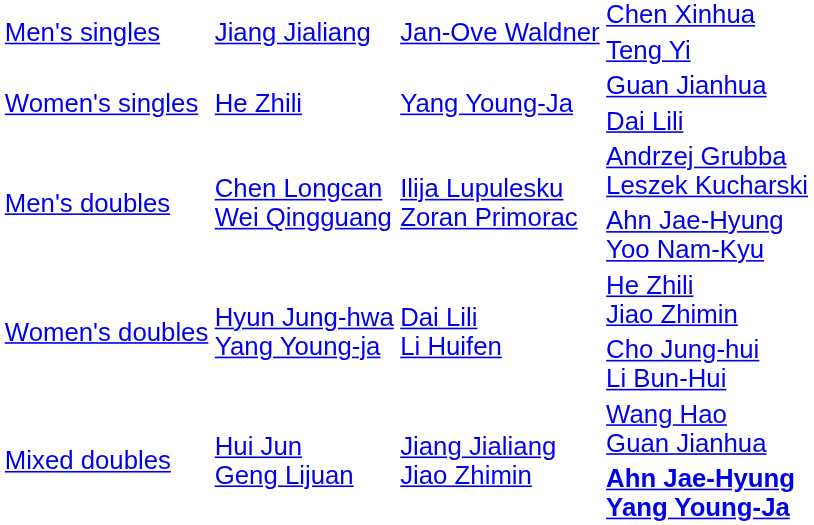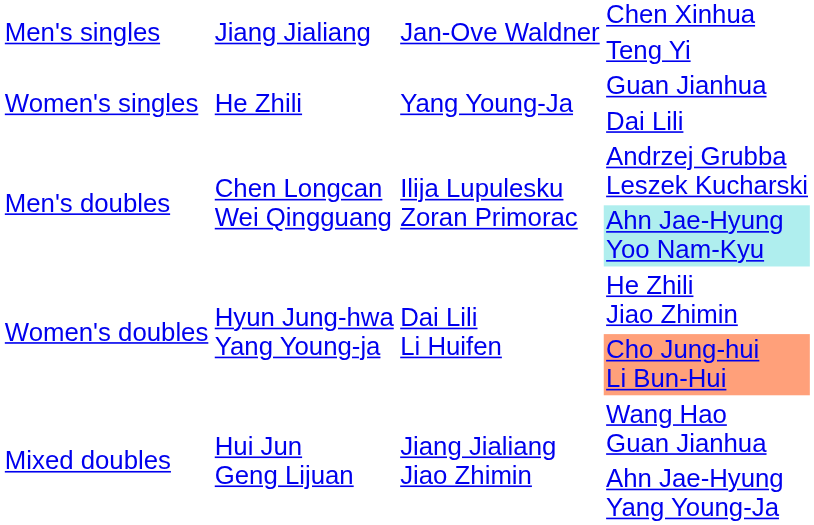 <table>
 <tr>
 <td rowspan=2><a href='#'>Men's singles</a></td>
 <td rowspan=2> <a href='#'>Jiang Jialiang</a></td>
 <td rowspan=2> <a href='#'>Jan-Ove Waldner</a></td>
 <td> <a href='#'>Chen Xinhua</a></td>
 </tr>
 <tr>
 <td> <a href='#'>Teng Yi</a></td>
 </tr>
 <tr>
 <td rowspan=2><a href='#'>Women's singles</a></td>
 <td rowspan=2> <a href='#'>He Zhili</a></td>
 <td rowspan=2> <a href='#'>Yang Young-Ja</a></td>
 <td> <a href='#'>Guan Jianhua</a></td>
 </tr>
 <tr>
 <td> <a href='#'>Dai Lili</a></td>
 </tr>
 <tr>
 <td rowspan=2><a href='#'>Men's doubles</a></td>
 <td rowspan=2> <a href='#'>Chen Longcan</a><br> <a href='#'>Wei Qingguang</a></td>
 <td rowspan=2> <a href='#'>Ilija Lupulesku</a><br> <a href='#'>Zoran Primorac</a></td>
 <td> <a href='#'>Andrzej Grubba</a><br> <a href='#'>Leszek Kucharski</a></td>
 </tr>
 <tr>
-<td> <a href='#'>Ahn Jae-Hyung</a><br> <a href='#'>Yoo Nam-Kyu</a></td>
+<td style="background: paleturquoise;"> <a href='#'>Ahn Jae-Hyung</a><br> <a href='#'>Yoo Nam-Kyu</a></td>
 </tr>
 <tr>
 <td rowspan=2><a href='#'>Women's doubles</a></td>
 <td rowspan=2> <a href='#'>Hyun Jung-hwa</a><br> <a href='#'>Yang Young-ja</a></td>
 <td rowspan=2> <a href='#'>Dai Lili</a><br> <a href='#'>Li Huifen</a></td>
 <td> <a href='#'>He Zhili</a><br> <a href='#'>Jiao Zhimin</a></td>
 </tr>
 <tr>
-<td> <a href='#'>Cho Jung-hui</a><br> <a href='#'>Li Bun-Hui</a></td>
+<td style="background: lightsalmon;"> <a href='#'>Cho Jung-hui</a><br> <a href='#'>Li Bun-Hui</a></td>
 </tr>
 <tr>
 <td rowspan=2><a href='#'>Mixed doubles</a></td>
 <td rowspan=2> <a href='#'>Hui Jun</a><br> <a href='#'>Geng Lijuan</a></td>
 <td rowspan=2> <a href='#'>Jiang Jialiang</a><br> <a href='#'>Jiao Zhimin</a></td>
 <td> <a href='#'>Wang Hao</a><br> <a href='#'>Guan Jianhua</a></td>
 </tr>
 <tr>
-<td><strong> <a href='#'>Ahn Jae-Hyung</a><br> <a href='#'>Yang Young-Ja</a></strong></td>
+<td> <a href='#'>Ahn Jae-Hyung</a><br> <a href='#'>Yang Young-Ja</a></td>
 </tr>
 </table>
